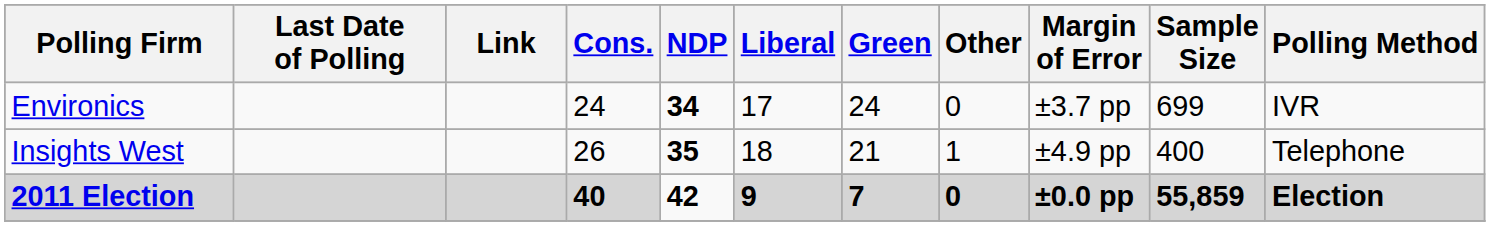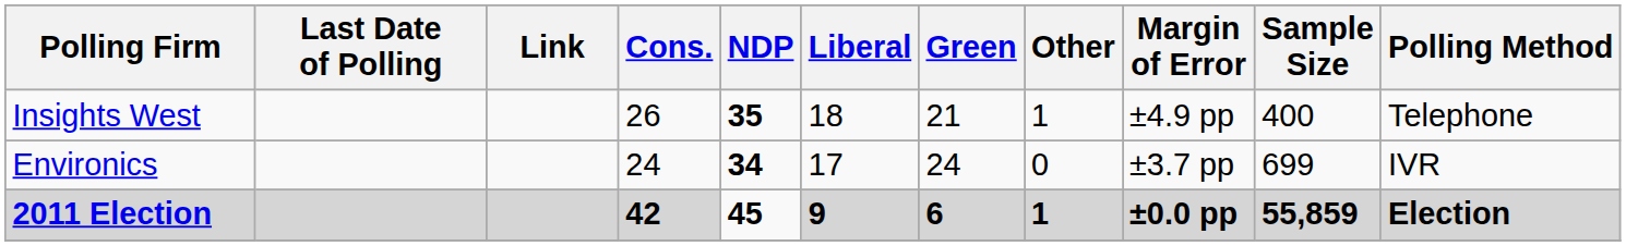 <table class="wikitable sortable">
 <tr style="background:#e9e9e9;">
 <th style="width:120px">Polling Firm</th>
 <th style="width:110px">Last Date<br>of Polling</th>
 <th style="width:60px" class="unsortable">Link</th>
 <th style="background-color:"><strong><a href='#'>Cons.</a></strong></th>
 <th style="background-color:"><strong><a href='#'>NDP</a></strong></th>
 <th style="background-color:"><strong><a href='#'>Liberal</a></strong></th>
 <th style="background-color:"><strong><a href='#'>Green</a></strong></th>
 <th style="background-color:"><strong>Other</strong></th>
 <th style="width:60px;" class=unsortable>Margin<br>of Error</th>
 <th style="width:50px;" class=unsortable>Sample<br>Size</th>
 <th class=unsortable>Polling Method</th>
 </tr>
 <tr>
+<td><a href='#'>Insights West</a></td>
+<td></td>
+<td></td>
+<td>26</td>
+<td><strong>35</strong></td>
+<td>18</td>
+<td>21</td>
+<td>1</td>
+<td>±4.9 pp</td>
+<td>400</td>
+<td>Telephone</td>
+</tr>
+<tr>
 <td><a href='#'>Environics</a></td>
 <td></td>
 <td></td>
 <td>24</td>
 <td><strong>34</strong></td>
 <td>17</td>
 <td>24</td>
 <td>0</td>
 <td>±3.7 pp</td>
 <td>699</td>
 <td>IVR</td>
 </tr>
 <tr>
-<td><a href='#'>Insights West</a></td>
-<td></td>
-<td></td>
-<td>26</td>
-<td><strong>35</strong></td>
-<td>18</td>
-<td>21</td>
-<td>1</td>
-<td>±4.9 pp</td>
-<td>400</td>
-<td>Telephone</td>
-</tr>
-<tr>
 <td style="background:#D5D5D5"><strong><a href='#'>2011 Election</a></strong></td>
 <td style="background:#D5D5D5"><strong></strong></td>
 <td style="background:#D5D5D5"></td>
-<td style="background:#D5D5D5"><strong>40</strong></td>
-<td><strong>42</strong></td>
+<td style="background:#D5D5D5"><strong>42</strong></td>
+<td><strong>45</strong></td>
 <td style="background:#D5D5D5"><strong>9</strong></td>
-<td style="background:#D5D5D5"><strong>7</strong></td>
-<td style="background:#D5D5D5"><strong>0</strong></td>
+<td style="background:#D5D5D5"><strong>6</strong></td>
+<td style="background:#D5D5D5"><strong>1</strong></td>
 <td style="background:#D5D5D5"><strong>±0.0 pp</strong></td>
 <td style="background:#D5D5D5"><strong>55,859</strong></td>
 <td style="background:#D5D5D5"><strong>Election</strong></td>
 </tr>
 <tr>
 </tr>
 <tr>
 </tr>
 </table>
